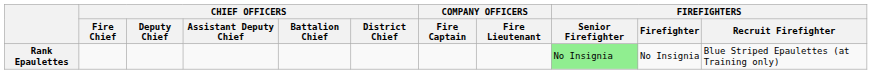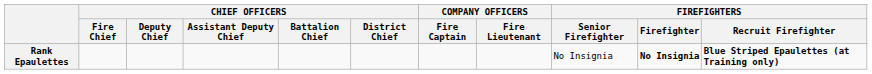 <table class="wikitable">
 <tr>
 <th rowspan="2"></th>
 <th colspan="5">CHIEF OFFICERS</th>
 <th colspan="2">COMPANY OFFICERS</th>
 <th colspan="3">FIREFIGHTERS</th>
 </tr>
 <tr>
 <th>Fire Chief</th>
 <th>Deputy Chief</th>
 <th>Assistant Deputy Chief</th>
 <th>Battalion Chief</th>
 <th>District Chief</th>
 <th>Fire Captain</th>
 <th>Fire Lieutenant</th>
 <th>Senior Firefighter</th>
 <th>Firefighter</th>
 <th>Recruit Firefighter</th>
 </tr>
 <tr>
 <th>Rank Epaulettes</th>
 <td></td>
 <td></td>
 <td></td>
 <td></td>
 <td></td>
 <td></td>
 <td></td>
-<td style="background: lightgreen;">No Insignia</td>
 <td>No Insignia</td>
-<td>Blue Striped Epaulettes (at Training only)</td>
+<td><strong>No Insignia</strong></td>
+<td><strong>Blue Striped Epaulettes (at Training only)</strong></td>
 </tr>
 </table>
